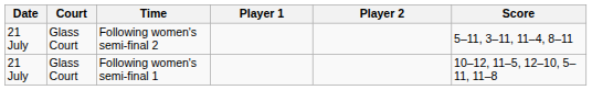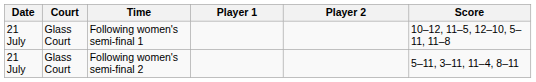 <table class="sortable wikitable" style="font-size:90%">
 <tr>
 <th width="45" class="unsortable">Date</th>
 <th width="55">Court</th>
 <th width="135">Time</th>
 <th width="120">Player 1</th>
 <th width="165">Player 2</th>
 <th width="160" class="unsortable">Score</th>
 </tr>
 <tr>
 <td>21 July</td>
 <td>Glass Court</td>
+<td>Following women's semi-final 1</td>
+<td><strong></strong></td>
+<td></td>
+<td>10–12, 11–5, 12–10, 5–11, 11–8</td>
+</tr>
+<tr>
+<td>21 July</td>
+<td>Glass Court</td>
 <td>Following women's semi-final 2</td>
 <td></td>
 <td><strong></strong></td>
 <td>5–11, 3–11, 11–4, 8–11</td>
 </tr>
-<tr>
-<td>21 July</td>
-<td>Glass Court</td>
-<td>Following women's semi-final 1</td>
-<td><strong></strong></td>
-<td></td>
-<td>10–12, 11–5, 12–10, 5–11, 11–8</td>
-</tr>
 </table>
